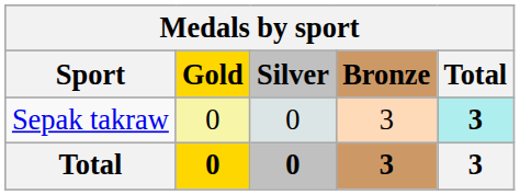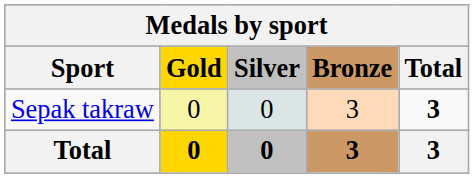 <table class="wikitable sortable"style="font-size:100%; text-align:center;">
 <tr style="background:#efefef;">
 <th colspan=5>Medals by sport</th>
 </tr>
 <tr>
 <th><strong>Sport</strong></th>
 <th style="background-color:gold;"><strong>Gold </strong></th>
 <th style="background-color:silver;"><strong>Silver </strong></th>
 <th style="background-color:#c96;"><strong>Bronze </strong></th>
 <th><strong>Total</strong></th>
 </tr>
 <tr>
 <td align=left> <a href='#'>Sepak takraw</a></td>
 <td style="background:#F7F6A8;">0</td>
 <td style="background:#DCE5E5;">0</td>
 <td style="background:#FFDAB9;">3</td>
-<td style="background: paleturquoise;"><strong>3</strong></td>
+<td><strong>3</strong></td>
 </tr>
 <tr>
 <th>Total</th>
 <th style="background:gold;">0</th>
 <th style="background:silver;">0</th>
 <th style="background:#c96;">3</th>
 <th>3</th>
 </tr>
 </table>
